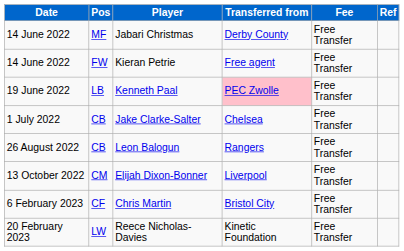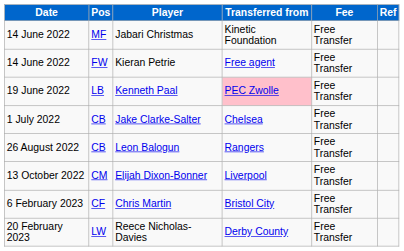 <table class="wikitable plainrowheaders sortable">
 <tr>
 <th style="background:#0066cc; color:#ffffff; ">Date</th>
 <th style="background:#0066cc; color:#ffffff; ">Pos</th>
 <th style="background:#0066cc; color:#ffffff; ">Player</th>
 <th style="background:#0066cc; color:#ffffff; ">Transferred from</th>
 <th style="background:#0066cc; color:#ffffff; ">Fee</th>
 <th style="background:#0066cc; color:#ffffff; ">Ref</th>
 </tr>
 <tr>
 <td>14 June 2022</td>
 <td><a href='#'>MF</a></td>
 <td> Jabari Christmas</td>
-<td> <a href='#'>Derby County</a></td>
+<td> Kinetic Foundation</td>
 <td>Free Transfer</td>
 <td></td>
 </tr>
 <tr>
 <td>14 June 2022</td>
 <td><a href='#'>FW</a></td>
 <td> Kieran Petrie</td>
 <td> <a href='#'>Free agent</a></td>
 <td>Free Transfer</td>
 <td></td>
 </tr>
 <tr>
 <td>19 June 2022</td>
 <td><a href='#'>LB</a></td>
 <td> <a href='#'>Kenneth Paal</a></td>
 <td style="background: pink;"> <a href='#'>PEC Zwolle</a></td>
 <td>Free Transfer</td>
 <td></td>
 </tr>
 <tr>
 <td>1 July 2022</td>
 <td><a href='#'>CB</a></td>
 <td> <a href='#'>Jake Clarke-Salter</a></td>
 <td> <a href='#'>Chelsea</a></td>
 <td>Free Transfer</td>
 <td></td>
 </tr>
 <tr>
 <td>26 August 2022</td>
 <td><a href='#'>CB</a></td>
 <td> <a href='#'>Leon Balogun</a></td>
 <td> <a href='#'>Rangers</a></td>
 <td>Free Transfer</td>
 <td></td>
 </tr>
 <tr>
 <td>13 October 2022</td>
 <td><a href='#'>CM</a></td>
 <td> <a href='#'>Elijah Dixon-Bonner</a></td>
 <td> <a href='#'>Liverpool</a></td>
 <td>Free Transfer</td>
 <td></td>
 </tr>
 <tr>
 <td>6 February 2023</td>
 <td><a href='#'>CF</a></td>
 <td> <a href='#'>Chris Martin</a></td>
 <td> <a href='#'>Bristol City</a></td>
 <td>Free Transfer</td>
 <td></td>
 </tr>
 <tr>
 <td>20 February 2023</td>
 <td><a href='#'>LW</a></td>
 <td> Reece Nicholas-Davies</td>
-<td> Kinetic Foundation</td>
+<td> <a href='#'>Derby County</a></td>
 <td>Free Transfer</td>
 <td></td>
 </tr>
 </table>
